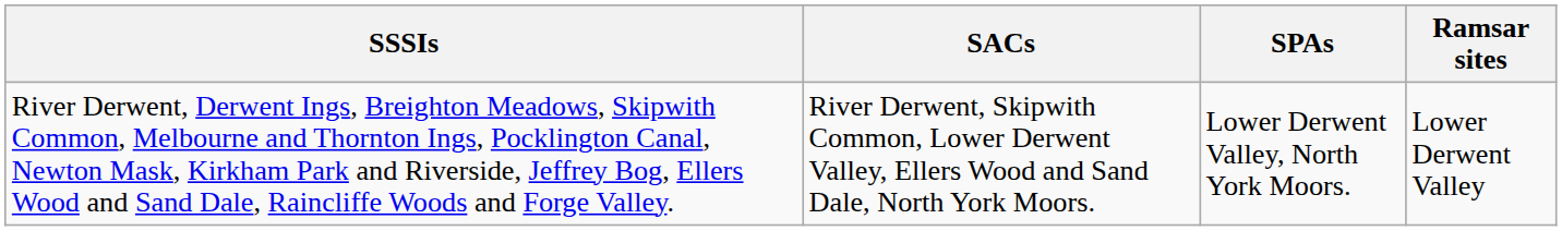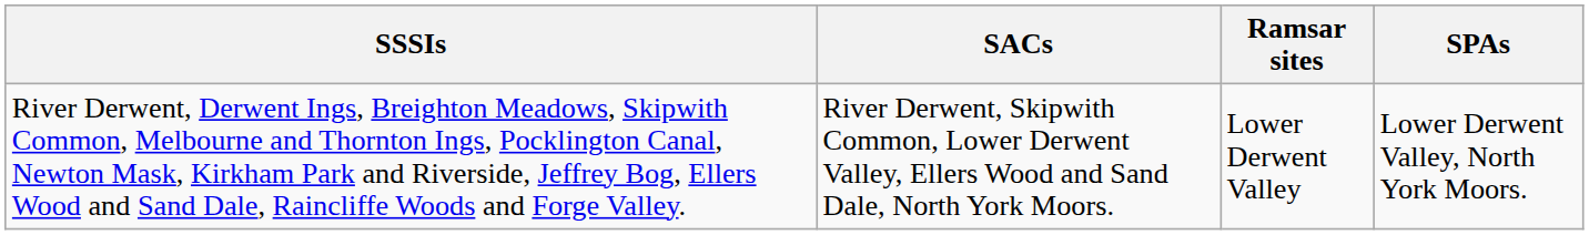 <table class="wikitable">
 <tr>
 <th>SSSIs</th>
 <th>SACs</th>
+<th>Ramsar sites</th>
 <th>SPAs</th>
-<th>Ramsar sites</th>
 </tr>
 <tr>
 <td>River Derwent, <a href='#'>Derwent Ings</a>, <a href='#'>Breighton Meadows</a>, <a href='#'>Skipwith Common</a>, <a href='#'>Melbourne and Thornton Ings</a>, <a href='#'>Pocklington Canal</a>, <a href='#'>Newton Mask</a>, <a href='#'>Kirkham Park</a> and Riverside, <a href='#'>Jeffrey Bog</a>, <a href='#'>Ellers Wood</a> and <a href='#'>Sand Dale</a>, <a href='#'>Raincliffe Woods</a> and <a href='#'>Forge Valley</a>.</td>
 <td>River Derwent, Skipwith Common, Lower Derwent Valley, Ellers Wood and Sand Dale, North York Moors.</td>
+<td>Lower Derwent Valley</td>
 <td>Lower Derwent Valley, North York Moors.</td>
-<td>Lower Derwent Valley</td>
 </tr>
 </table>
